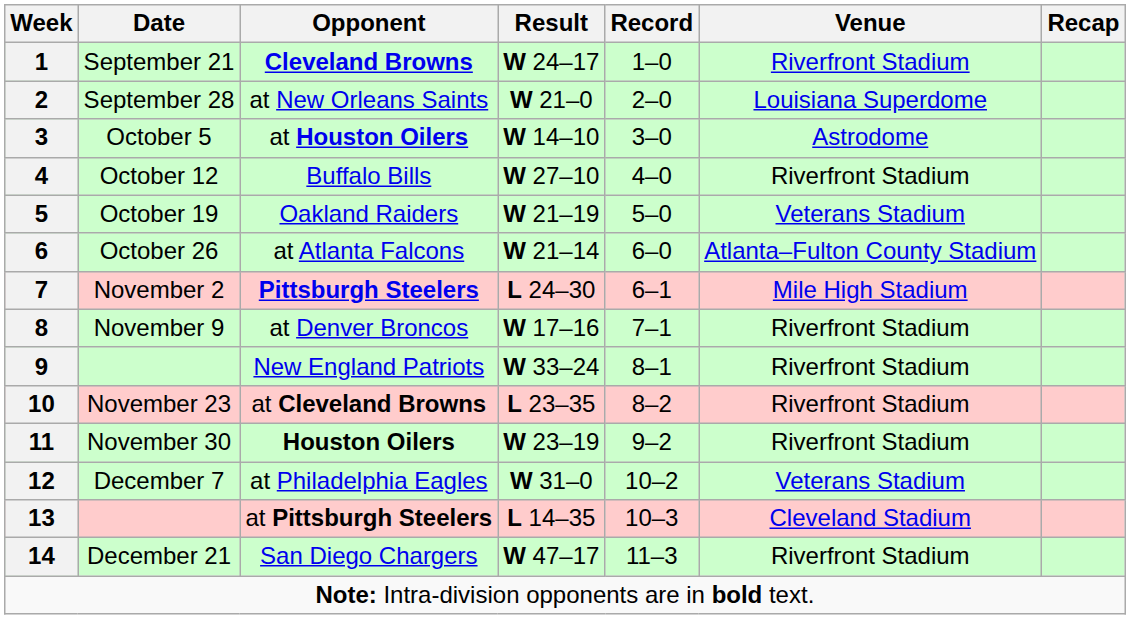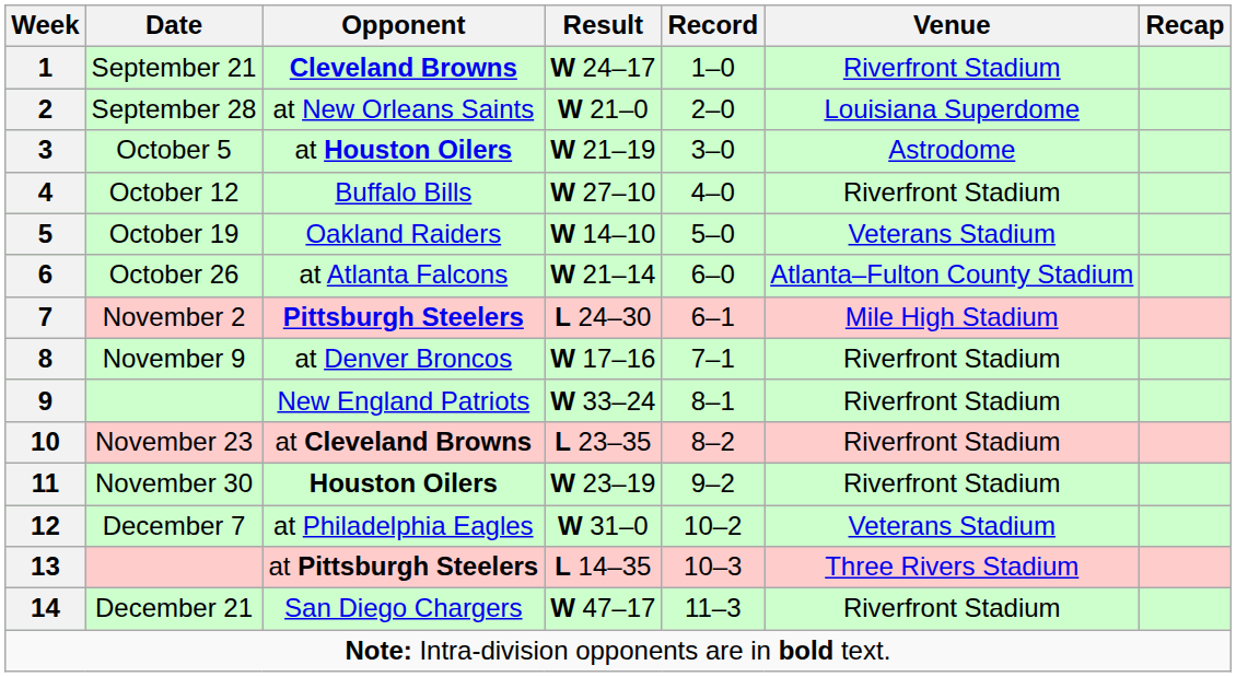 <table class="wikitable" style="text-align:center">
 <tr>
 <th>Week</th>
 <th>Date</th>
 <th>Opponent</th>
 <th>Result</th>
 <th>Record</th>
 <th>Venue</th>
 <th>Recap</th>
 </tr>
 <tr style="background:#cfc">
 <th>1</th>
 <td>September 21</td>
 <td><strong><a href='#'>Cleveland Browns</a></strong></td>
 <td><strong>W</strong> 24–17</td>
 <td>1–0</td>
 <td><a href='#'>Riverfront Stadium</a></td>
 <td></td>
 </tr>
 <tr style="background:#cfc">
 <th>2</th>
 <td>September 28</td>
 <td>at <a href='#'>New Orleans Saints</a></td>
 <td><strong>W</strong> 21–0</td>
 <td>2–0</td>
 <td><a href='#'>Louisiana Superdome</a></td>
 <td></td>
 </tr>
 <tr style="background:#cfc">
 <th>3</th>
 <td>October 5</td>
 <td>at <strong><a href='#'>Houston Oilers</a></strong></td>
-<td><strong>W</strong> 14–10</td>
+<td><strong>W</strong> 21–19</td>
 <td>3–0</td>
 <td><a href='#'>Astrodome</a></td>
 <td></td>
 </tr>
 <tr style="background:#cfc">
 <th>4</th>
 <td>October 12</td>
 <td><a href='#'>Buffalo Bills</a></td>
 <td><strong>W</strong> 27–10</td>
 <td>4–0</td>
 <td>Riverfront Stadium</td>
 <td></td>
 </tr>
 <tr style="background:#cfc">
 <th>5</th>
 <td>October 19</td>
 <td><a href='#'>Oakland Raiders</a></td>
-<td><strong>W</strong> 21–19</td>
+<td><strong>W</strong> 14–10</td>
 <td>5–0</td>
 <td><a href='#'>Veterans Stadium</a></td>
 <td></td>
 </tr>
 <tr style="background:#cfc">
 <th>6</th>
 <td>October 26</td>
 <td>at <a href='#'>Atlanta Falcons</a></td>
 <td><strong>W</strong> 21–14</td>
 <td>6–0</td>
 <td><a href='#'>Atlanta–Fulton County Stadium</a></td>
 <td></td>
 </tr>
 <tr style="background:#fcc">
 <th>7</th>
 <td>November 2</td>
 <td><strong><a href='#'>Pittsburgh Steelers</a></strong></td>
 <td><strong>L</strong> 24–30</td>
 <td>6–1</td>
 <td><a href='#'>Mile High Stadium</a></td>
 <td></td>
 </tr>
 <tr style="background:#cfc">
 <th>8</th>
 <td>November 9</td>
 <td>at <a href='#'>Denver Broncos</a></td>
 <td><strong>W</strong> 17–16</td>
 <td>7–1</td>
 <td>Riverfront Stadium</td>
 <td></td>
 </tr>
 <tr style="background:#cfc">
 <th>9</th>
 <td></td>
 <td><a href='#'>New England Patriots</a></td>
 <td><strong>W</strong> 33–24</td>
 <td>8–1</td>
 <td>Riverfront Stadium</td>
 <td></td>
 </tr>
 <tr style="background:#fcc">
 <th>10</th>
 <td>November 23</td>
 <td>at <strong>Cleveland Browns</strong></td>
 <td><strong>L</strong> 23–35</td>
 <td>8–2</td>
 <td>Riverfront Stadium</td>
 <td></td>
 </tr>
 <tr style="background:#cfc">
 <th>11</th>
 <td>November 30</td>
 <td><strong>Houston Oilers</strong></td>
 <td><strong>W</strong> 23–19</td>
 <td>9–2</td>
 <td>Riverfront Stadium</td>
 <td></td>
 </tr>
 <tr style="background:#cfc">
 <th>12</th>
 <td>December 7</td>
 <td>at <a href='#'>Philadelphia Eagles</a></td>
 <td><strong>W</strong> 31–0</td>
 <td>10–2</td>
 <td><a href='#'>Veterans Stadium</a></td>
 <td></td>
 </tr>
 <tr style="background:#fcc">
 <th>13</th>
 <td></td>
 <td>at <strong>Pittsburgh Steelers</strong></td>
 <td><strong>L</strong> 14–35</td>
 <td>10–3</td>
-<td><a href='#'>Cleveland Stadium</a></td>
+<td><a href='#'>Three Rivers Stadium</a></td>
 <td></td>
 </tr>
 <tr style="background:#cfc">
 <th>14</th>
 <td>December 21</td>
 <td><a href='#'>San Diego Chargers</a></td>
 <td><strong>W</strong> 47–17</td>
 <td>11–3</td>
 <td>Riverfront Stadium</td>
 <td></td>
 </tr>
 <tr>
 <td colspan="8"><strong>Note:</strong> Intra-division opponents are in <strong>bold</strong> text.</td>
 </tr>
 </table>
